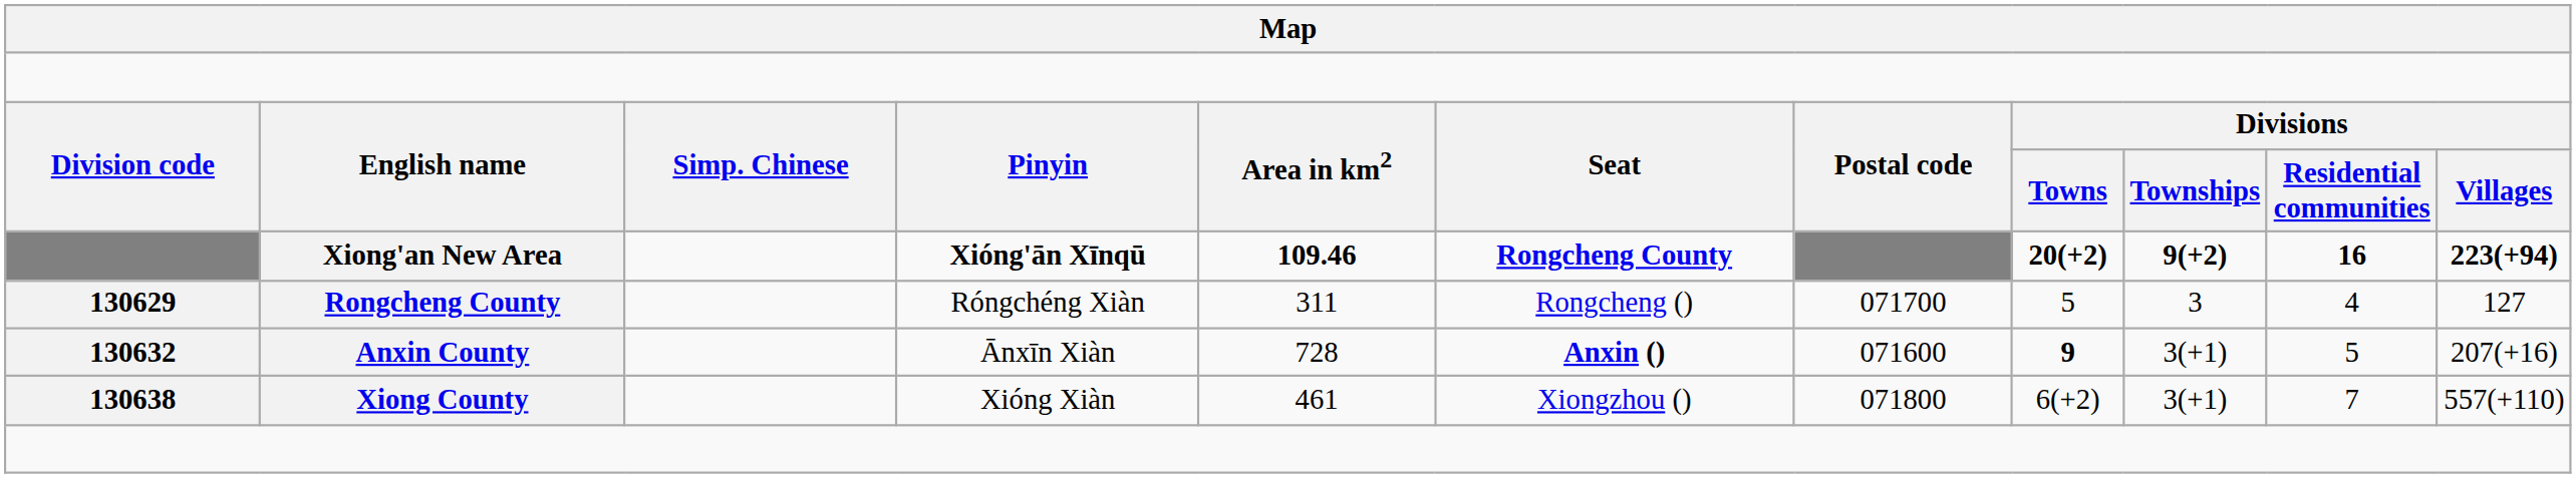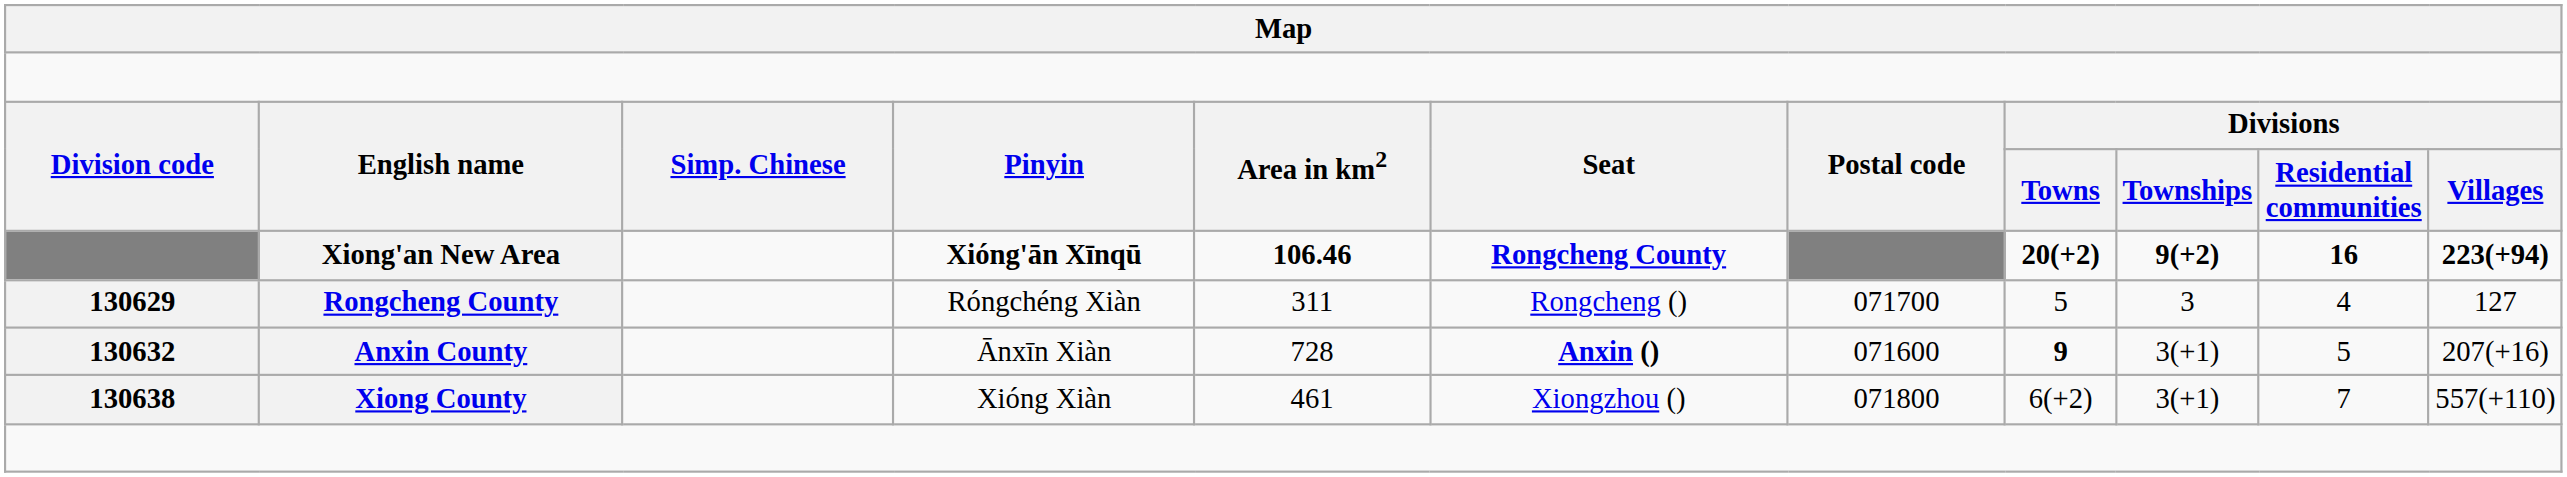 <table class="wikitable" align="center" style="width:60%; font-size:smaller" border="1">
 <tr>
 <th colspan=14><strong>Map</strong></th>
 </tr>
 <tr>
 <td colspan=14 align="center"><div><br>       </div></td>
 </tr>
 <tr>
 <th ! scope="col" rowspan=2><a href='#'>Division code</a></th>
 <th ! scope="col" rowspan=2>English name</th>
 <th ! scope="col" rowspan=2><a href='#'>Simp. Chinese</a></th>
 <th ! scope="col" rowspan=2><a href='#'>Pinyin</a></th>
 <th ! scope="col" rowspan=2>Area in km<sup>2</sup></th>
 <th ! scope="col" rowspan=2>Seat</th>
 <th ! scope="col" rowspan=2>Postal code</th>
 <th ! scope="col" colspan=4>Divisions</th>
 </tr>
 <tr>
 <th ! scope="col" width="45"><a href='#'>Towns</a></th>
 <th ! scope="col" width="45"><a href='#'>Townships</a></th>
 <th ! scope="col" width="45"><a href='#'>Residential communities</a></th>
 <th ! scope="col" width="45"><a href='#'>Villages</a></th>
 </tr>
 <tr align="center" style="font-weight:bold">
 <td bgcolor="grey"> </td>
 <th>Xiong'an New Area</th>
 <td></td>
 <td>Xióng'ān Xīnqū</td>
-<td>109.46</td>
+<td>106.46</td>
 <td><a href='#'>Rongcheng County</a></td>
 <td bgcolor="grey" colspan="1"></td>
 <td>20(+2)</td>
 <td>9(+2)</td>
 <td>16</td>
 <td>223(+94)</td>
 </tr>
 <tr align="center">
 <th>130629</th>
 <th><a href='#'>Rongcheng County</a></th>
 <td></td>
 <td>Róngchéng Xiàn</td>
 <td>311</td>
 <td><a href='#'>Rongcheng</a> ()</td>
 <td>071700</td>
 <td>5</td>
 <td>3</td>
 <td>4</td>
 <td>127</td>
 </tr>
 <tr align="center">
 <th>130632</th>
 <th><a href='#'>Anxin County</a></th>
 <td></td>
 <td>Ānxīn Xiàn</td>
 <td>728</td>
 <td><strong><a href='#'>Anxin</a> ()</strong></td>
 <td>071600</td>
 <td><strong>9</strong></td>
 <td>3(+1)</td>
 <td>5</td>
 <td>207(+16)</td>
 </tr>
 <tr align="center">
 <th>130638</th>
 <th><a href='#'>Xiong County</a></th>
 <td></td>
 <td>Xióng Xiàn</td>
 <td>461</td>
 <td><a href='#'>Xiongzhou</a> ()</td>
 <td>071800</td>
 <td>6(+2)</td>
 <td>3(+1)</td>
 <td>7</td>
 <td>557(+110)</td>
 </tr>
 <tr>
 <td colspan="11"><br></td>
 </tr>
 </table>
